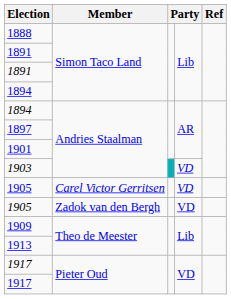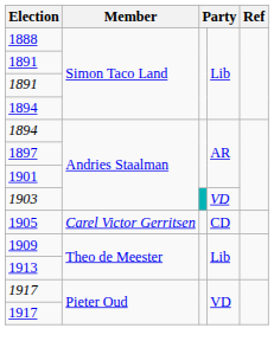 <table class="wikitable">
 <tr>
 <th scope="col">Election</th>
 <th scope="col">Member</th>
 <th scope="col" colspan="2">Party</th>
 <th scope="col">Ref</th>
 </tr>
 <tr>
 <td scope="row"><a href='#'>1888</a></td>
 <td scope="row" rowspan=4><a href='#'>Simon Taco Land</a></td>
 <td scope="row" rowspan=4 style="background-color:"></td>
 <td scope="row" rowspan=4><a href='#'>Lib</a></td>
 <td scope="row" rowspan=4></td>
 </tr>
 <tr>
 <td scope="row"><a href='#'>1891</a></td>
 </tr>
 <tr>
 <td scope="row"><em>1891</em></td>
 </tr>
 <tr>
 <td scope="row"><a href='#'>1894</a></td>
 </tr>
 <tr>
 <td scope="row"><em>1894</em></td>
 <td scope="row" rowspan=4><a href='#'>Andries Staalman</a></td>
 <td scope="row" rowspan=3 style="background-color:"></td>
 <td scope="row" rowspan=3><a href='#'>AR</a></td>
 <td scope="row" rowspan=4></td>
 </tr>
 <tr>
 <td scope="row"><a href='#'>1897</a></td>
 </tr>
 <tr>
 <td scope="row"><a href='#'>1901</a></td>
 </tr>
 <tr>
 <td scope="row"><em>1903</em></td>
 <td scope="row" style="background-color:#01b3b4"></td>
 <td scope="row"><em><a href='#'>VD</a></em></td>
 </tr>
 <tr>
 <td scope="row"><a href='#'>1905</a></td>
 <td scope="row"><em><a href='#'>Carel Victor Gerritsen</a></em></td>
 <td scope="row" style="background-color:"></td>
-<td scope="row"><em><a href='#'>VD</a></em></td>
-<td scope="row"></td>
-</tr>
-<tr>
-<td scope="row"><em>1905</em></td>
-<td scope="row"><a href='#'>Zadok van den Bergh</a></td>
-<td scope="row" style="background-color:"></td>
-<td scope="row"><a href='#'>VD</a></td>
+<td scope="row"><a href='#'>CD</a></td>
 <td scope="row"></td>
 </tr>
 <tr>
 <td scope="row"><a href='#'>1909</a></td>
 <td scope="row" rowspan=2><a href='#'>Theo de Meester</a></td>
 <td scope="row" rowspan=2 style="background-color:"></td>
 <td scope="row" rowspan=2><a href='#'>Lib</a></td>
 <td scope="row" rowspan=2></td>
 </tr>
 <tr>
 <td scope="row"><a href='#'>1913</a></td>
 </tr>
 <tr>
 <td scope="row"><em>1917</em></td>
 <td scope="row" rowspan=2><a href='#'>Pieter Oud</a></td>
 <td scope="row" rowspan=2 style="background-color:"></td>
 <td scope="row" rowspan=2><a href='#'>VD</a></td>
 <td scope="row" rowspan=2></td>
 </tr>
 <tr>
 <td scope="row"><a href='#'>1917</a></td>
 </tr>
 </table>
